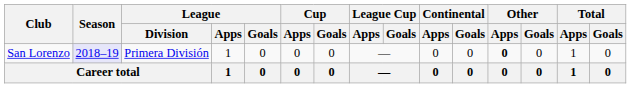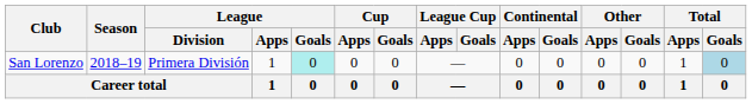 <table class="wikitable" style="text-align:center">
 <tr>
 <th rowspan="2">Club</th>
 <th rowspan="2">Season</th>
 <th colspan="3">League</th>
 <th colspan="2">Cup</th>
 <th colspan="2">League Cup</th>
 <th colspan="2">Continental</th>
 <th colspan="2">Other</th>
 <th colspan="2">Total</th>
 </tr>
 <tr>
 <th>Division</th>
 <th>Apps</th>
 <th>Goals</th>
 <th>Apps</th>
 <th>Goals</th>
 <th>Apps</th>
 <th>Goals</th>
 <th>Apps</th>
 <th>Goals</th>
 <th>Apps</th>
 <th>Goals</th>
 <th>Apps</th>
 <th>Goals</th>
 </tr>
 <tr>
 <td rowspan="1"><a href='#'>San Lorenzo</a></td>
-<td style="background: lavender;"><a href='#'>2018–19</a></td>
+<td><a href='#'>2018–19</a></td>
 <td rowspan="1"><a href='#'>Primera División</a></td>
 <td>1</td>
-<td>0</td>
+<td style="background: paleturquoise;">0</td>
 <td>0</td>
 <td>0</td>
 <td colspan="2">—</td>
 <td>0</td>
 <td>0</td>
-<td><strong>0</strong></td>
+<td>0</td>
 <td>0</td>
 <td>1</td>
-<td>0</td>
+<td style="background: lightblue;">0</td>
 </tr>
 <tr>
 <th colspan="3">Career total</th>
 <th>1</th>
 <th>0</th>
 <th>0</th>
 <th>0</th>
 <th colspan="2">—</th>
 <th>0</th>
 <th>0</th>
 <th>0</th>
 <th>0</th>
 <th>1</th>
 <th>0</th>
 </tr>
 </table>
